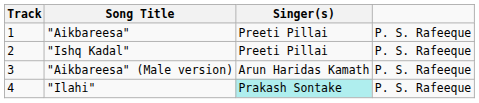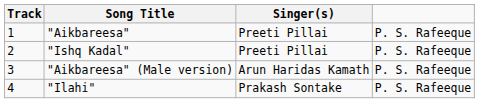 <table class="wikitable">
 <tr>
 <th>Track</th>
 <th>Song Title</th>
 <th>Singer(s)</th>
 </tr>
 <tr || lyrics>
 <td>1</td>
 <td>"Aikbareesa"</td>
 <td>Preeti Pillai</td>
 <td>P. S. Rafeeque</td>
 </tr>
 <tr>
 <td>2</td>
 <td>"Ishq Kadal"</td>
 <td>Preeti Pillai</td>
 <td>P. S. Rafeeque</td>
 </tr>
 <tr>
 <td>3</td>
 <td>"Aikbareesa" (Male version)</td>
 <td>Arun Haridas Kamath</td>
 <td>P. S. Rafeeque</td>
 </tr>
 <tr>
 <td>4</td>
 <td>"Ilahi"</td>
-<td style="background: paleturquoise;">Prakash Sontake</td>
+<td>Prakash Sontake</td>
 <td>P. S. Rafeeque</td>
 </tr>
 </table>
